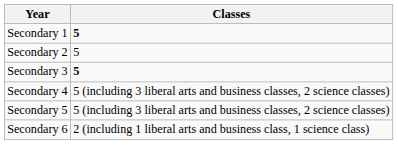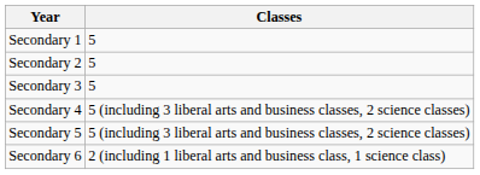 <table class="wikitable">
 <tr>
 <th>Year</th>
 <th>Classes</th>
 </tr>
 <tr>
 <td>Secondary 1</td>
-<td><strong>5</strong></td>
+<td>5</td>
 </tr>
 <tr>
 <td>Secondary 2</td>
 <td>5</td>
 </tr>
 <tr>
 <td>Secondary 3</td>
-<td><strong>5</strong></td>
+<td>5</td>
 </tr>
 <tr>
 <td>Secondary 4</td>
 <td>5 (including 3 liberal arts and business classes, 2 science classes)</td>
 </tr>
 <tr>
 <td>Secondary 5</td>
 <td>5 (including 3 liberal arts and business classes, 2 science classes)</td>
 </tr>
 <tr>
 <td>Secondary 6</td>
 <td>2 (including 1 liberal arts and business class, 1 science class)</td>
 </tr>
 </table>
